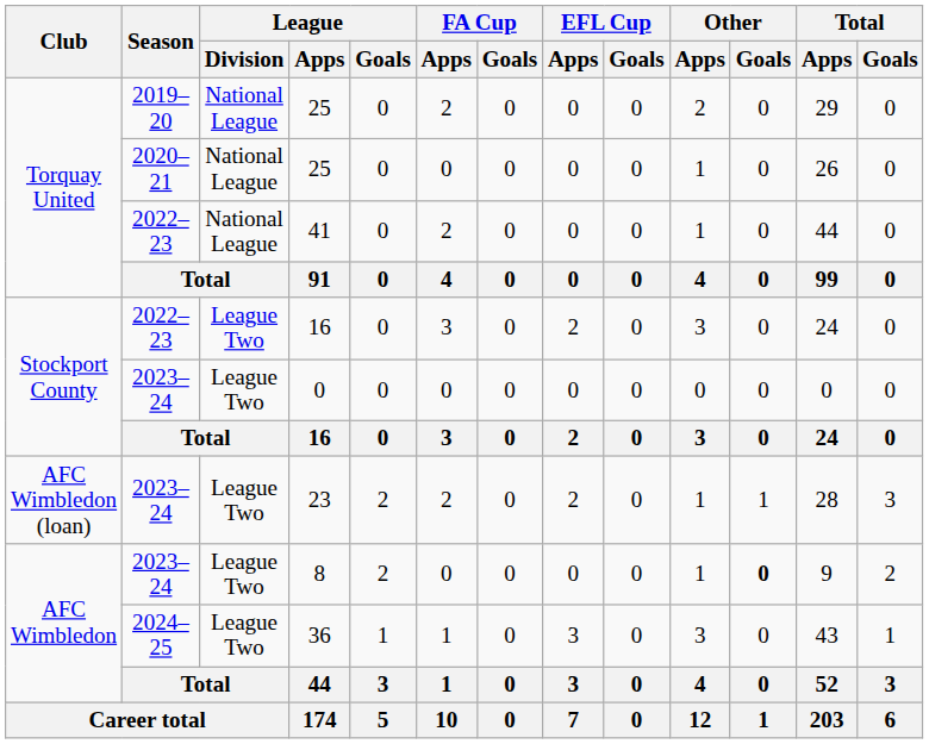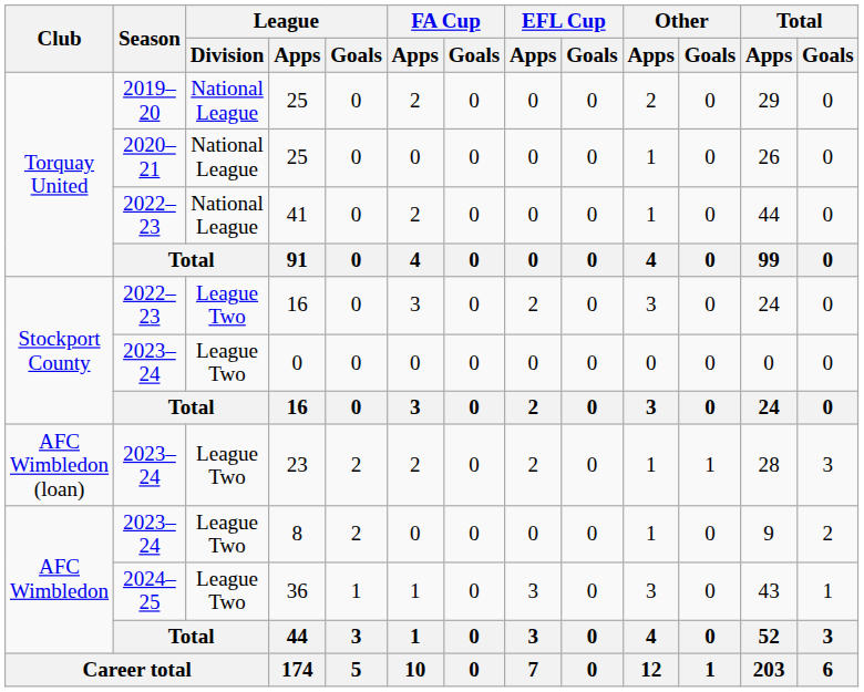 <table class=wikitable style=text-align:center>
 <tr>
 <th rowspan=2>Club</th>
 <th rowspan=2>Season</th>
 <th colspan=3>League</th>
 <th colspan=2><a href='#'>FA Cup</a></th>
 <th colspan=2><a href='#'>EFL Cup</a></th>
 <th colspan=2>Other</th>
 <th colspan=2>Total</th>
 </tr>
 <tr>
 <th>Division</th>
 <th>Apps</th>
 <th>Goals</th>
 <th>Apps</th>
 <th>Goals</th>
 <th>Apps</th>
 <th>Goals</th>
 <th>Apps</th>
 <th>Goals</th>
 <th>Apps</th>
 <th>Goals</th>
 </tr>
 <tr>
 <td rowspan=4><a href='#'>Torquay United</a></td>
 <td><a href='#'>2019–20</a></td>
 <td><a href='#'>National League</a></td>
 <td>25</td>
 <td>0</td>
 <td>2</td>
 <td>0</td>
 <td>0</td>
 <td>0</td>
 <td>2</td>
 <td>0</td>
 <td>29</td>
 <td>0</td>
 </tr>
 <tr>
 <td><a href='#'>2020–21</a></td>
 <td>National League</td>
 <td>25</td>
 <td>0</td>
 <td>0</td>
 <td>0</td>
 <td>0</td>
 <td>0</td>
 <td>1</td>
 <td>0</td>
 <td>26</td>
 <td>0</td>
 </tr>
 <tr>
 <td><a href='#'>2022–23</a></td>
 <td>National League</td>
 <td>41</td>
 <td>0</td>
 <td>2</td>
 <td>0</td>
 <td>0</td>
 <td>0</td>
 <td>1</td>
 <td>0</td>
 <td>44</td>
 <td>0</td>
 </tr>
 <tr>
 <th colspan="2">Total</th>
 <th>91</th>
 <th>0</th>
 <th>4</th>
 <th>0</th>
 <th>0</th>
 <th>0</th>
 <th>4</th>
 <th>0</th>
 <th>99</th>
 <th>0</th>
 </tr>
 <tr>
 <td rowspan=3><a href='#'>Stockport County</a></td>
 <td><a href='#'>2022–23</a></td>
 <td><a href='#'>League Two</a></td>
 <td>16</td>
 <td>0</td>
 <td>3</td>
 <td>0</td>
 <td>2</td>
 <td>0</td>
 <td>3</td>
 <td>0</td>
 <td>24</td>
 <td>0</td>
 </tr>
 <tr>
 <td><a href='#'>2023–24</a></td>
 <td>League Two</td>
 <td>0</td>
 <td>0</td>
 <td>0</td>
 <td>0</td>
 <td>0</td>
 <td>0</td>
 <td>0</td>
 <td>0</td>
 <td>0</td>
 <td>0</td>
 </tr>
 <tr>
 <th colspan="2">Total</th>
 <th>16</th>
 <th>0</th>
 <th>3</th>
 <th>0</th>
 <th>2</th>
 <th>0</th>
 <th>3</th>
 <th>0</th>
 <th>24</th>
 <th>0</th>
 </tr>
 <tr>
 <td><a href='#'>AFC Wimbledon</a> (loan)</td>
 <td><a href='#'>2023–24</a></td>
 <td>League Two</td>
 <td>23</td>
 <td>2</td>
 <td>2</td>
 <td>0</td>
 <td>2</td>
 <td>0</td>
 <td>1</td>
 <td>1</td>
 <td>28</td>
 <td>3</td>
 </tr>
 <tr>
 <td rowspan=3><a href='#'>AFC Wimbledon</a></td>
 <td><a href='#'>2023–24</a></td>
 <td>League Two</td>
 <td>8</td>
 <td>2</td>
 <td>0</td>
 <td>0</td>
 <td>0</td>
 <td>0</td>
 <td>1</td>
-<td><strong>0</strong></td>
+<td>0</td>
 <td>9</td>
 <td>2</td>
 </tr>
 <tr>
 <td><a href='#'>2024–25</a></td>
 <td>League Two</td>
 <td>36</td>
 <td>1</td>
 <td>1</td>
 <td>0</td>
 <td>3</td>
 <td>0</td>
 <td>3</td>
 <td>0</td>
 <td>43</td>
 <td>1</td>
 </tr>
 <tr>
 <th colspan="2">Total</th>
 <th>44</th>
 <th>3</th>
 <th>1</th>
 <th>0</th>
 <th>3</th>
 <th>0</th>
 <th>4</th>
 <th>0</th>
 <th>52</th>
 <th>3</th>
 </tr>
 <tr>
 <th colspan="3">Career total</th>
 <th>174</th>
 <th>5</th>
 <th>10</th>
 <th>0</th>
 <th>7</th>
 <th>0</th>
 <th>12</th>
 <th>1</th>
 <th>203</th>
 <th>6</th>
 </tr>
 </table>
